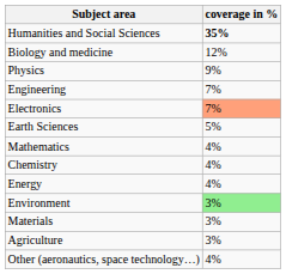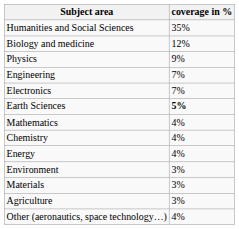 <table class="wikitable">
 <tr>
 <th>Subject area</th>
 <th>coverage in %</th>
 </tr>
 <tr>
 <td>Humanities and Social Sciences</td>
-<td><strong>35%</strong></td>
+<td>35%</td>
 </tr>
 <tr>
 <td>Biology and medicine</td>
 <td>12%</td>
 </tr>
 <tr>
 <td>Physics</td>
 <td>9%</td>
 </tr>
 <tr>
 <td>Engineering</td>
 <td>7%</td>
 </tr>
 <tr>
 <td>Electronics</td>
-<td style="background: lightsalmon;">7%</td>
+<td>7%</td>
 </tr>
 <tr>
 <td>Earth Sciences</td>
-<td>5%</td>
+<td><strong>5%</strong></td>
 </tr>
 <tr>
 <td>Mathematics</td>
 <td>4%</td>
 </tr>
 <tr>
 <td>Chemistry</td>
 <td>4%</td>
 </tr>
 <tr>
 <td>Energy</td>
 <td>4%</td>
 </tr>
 <tr>
 <td>Environment</td>
-<td style="background: lightgreen;">3%</td>
+<td>3%</td>
 </tr>
 <tr>
 <td>Materials</td>
 <td>3%</td>
 </tr>
 <tr>
 <td>Agriculture</td>
 <td>3%</td>
 </tr>
 <tr>
 <td>Other (aeronautics, space technology…)</td>
 <td>4%</td>
 </tr>
 </table>
